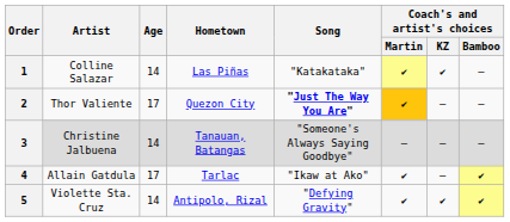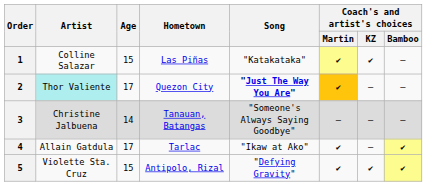 <table class="wikitable" style="text-align:center; line-height:17px; width:100%">
 <tr>
 <th scope="col" rowspan="2" style="width:04%">Order</th>
 <th scope="col" rowspan="2" style="width:18%">Artist</th>
 <th scope="col" rowspan="2" style="width:05%">Age</th>
 <th scope="col" rowspan="2" style="width:20%">Hometown</th>
 <th scope="col" rowspan="2" style="width:20%">Song</th>
 <th scope="col" colspan="3" style="width:24%">Coach's and artist's choices</th>
 </tr>
 <tr>
 <th style="width:06%">Martin</th>
 <th style="width:06%">KZ</th>
 <th style="width:06%">Bamboo</th>
 </tr>
 <tr>
 <th>1</th>
 <td>Colline Salazar</td>
-<td>14</td>
+<td>15</td>
 <td><a href='#'>Las Piñas</a></td>
 <td>"Katakataka"</td>
 <td style="background:#fdfc8f;">✔</td>
 <td>✔</td>
 <td>—</td>
 </tr>
 <tr>
 <th>2</th>
-<td>Thor Valiente</td>
+<td style="background: paleturquoise;">Thor Valiente</td>
 <td>17</td>
 <td><a href='#'>Quezon City</a></td>
 <td><strong>"<a href='#'>Just The Way You Are</a>"</strong></td>
 <td style="background:#FFC40C;">✔</td>
 <td>—</td>
 <td>—</td>
 </tr>
 <tr>
 <th>3</th>
 <td style="background:#DCDCDC;">Christine Jalbuena</td>
 <td style="background:#DCDCDC;">14</td>
 <td style="background:#DCDCDC;"><a href='#'>Tanauan, Batangas</a></td>
 <td style="background:#DCDCDC;">"Someone's Always Saying Goodbye"</td>
 <td style="background:#DCDCDC;">—</td>
 <td style="background:#DCDCDC;">—</td>
 <td style="background:#DCDCDC;">—</td>
 </tr>
 <tr>
 <th>4</th>
 <td>Allain Gatdula</td>
 <td>17</td>
 <td><a href='#'>Tarlac</a></td>
 <td>"Ikaw at Ako"</td>
 <td>✔</td>
 <td>—</td>
 <td style="background:#fdfc8f;">✔</td>
 </tr>
 <tr>
 <th>5</th>
 <td>Violette Sta. Cruz</td>
-<td>14</td>
+<td>15</td>
 <td><a href='#'>Antipolo, Rizal</a></td>
 <td>"<a href='#'>Defying Gravity</a>"</td>
 <td>✔</td>
 <td>✔</td>
 <td style="background:#fdfc8f;">✔</td>
 </tr>
 </table>
